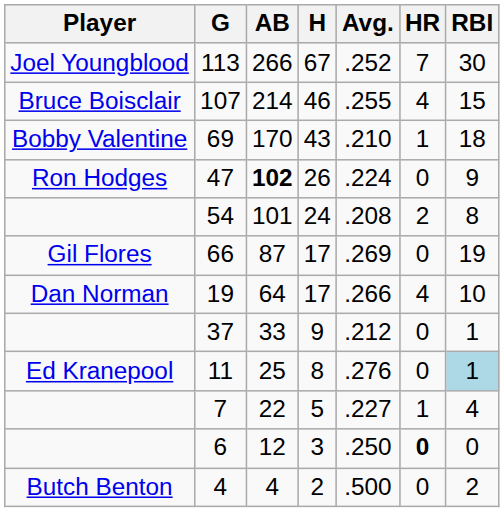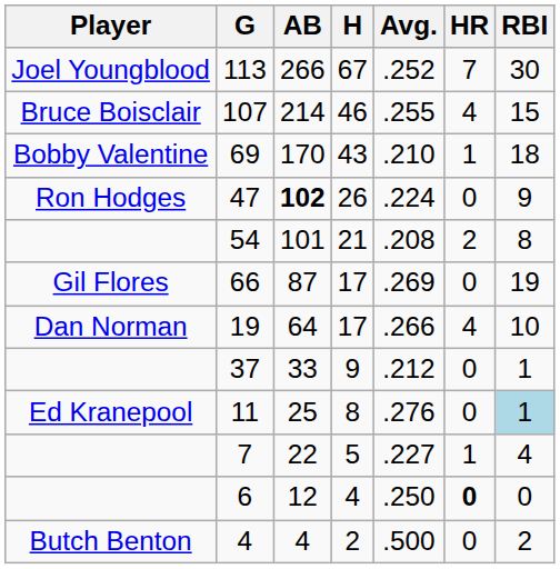 <table class="wikitable sortable">
 <tr>
 <th>Player</th>
 <th>G</th>
 <th>AB</th>
 <th>H</th>
 <th>Avg.</th>
 <th>HR</th>
 <th>RBI</th>
 </tr>
 <tr style="text-align:center;">
 <td><a href='#'>Joel Youngblood</a></td>
 <td>113</td>
 <td>266</td>
 <td>67</td>
 <td>.252</td>
 <td>7</td>
 <td>30</td>
 </tr>
 <tr align=center>
 <td><a href='#'>Bruce Boisclair</a></td>
 <td>107</td>
 <td>214</td>
 <td>46</td>
 <td>.255</td>
 <td>4</td>
 <td>15</td>
 </tr>
 <tr align=center>
 <td><a href='#'>Bobby Valentine</a></td>
 <td>69</td>
 <td>170</td>
 <td>43</td>
 <td>.210</td>
 <td>1</td>
 <td>18</td>
 </tr>
 <tr align=center>
 <td><a href='#'>Ron Hodges</a></td>
 <td>47</td>
 <td><strong>102</strong></td>
 <td>26</td>
 <td>.224</td>
 <td>0</td>
 <td>9</td>
 </tr>
 <tr align=center>
 <td></td>
 <td>54</td>
 <td>101</td>
-<td>24</td>
+<td>21</td>
 <td>.208</td>
 <td>2</td>
 <td>8</td>
 </tr>
 <tr style="text-align:center;">
 <td><a href='#'>Gil Flores</a></td>
 <td>66</td>
 <td>87</td>
 <td>17</td>
 <td>.269</td>
 <td>0</td>
 <td>19</td>
 </tr>
 <tr align=center>
 <td><a href='#'>Dan Norman</a></td>
 <td>19</td>
 <td>64</td>
 <td>17</td>
 <td>.266</td>
 <td>4</td>
 <td>10</td>
 </tr>
 <tr align=center>
 <td></td>
 <td>37</td>
 <td>33</td>
 <td>9</td>
 <td>.212</td>
 <td>0</td>
 <td>1</td>
 </tr>
 <tr style="text-align:center;">
 <td><a href='#'>Ed Kranepool</a></td>
 <td>11</td>
 <td>25</td>
 <td>8</td>
 <td>.276</td>
 <td>0</td>
 <td style="background: lightblue;">1</td>
 </tr>
 <tr align=center>
 <td></td>
 <td>7</td>
 <td>22</td>
 <td>5</td>
 <td>.227</td>
 <td>1</td>
 <td>4</td>
 </tr>
 <tr style="text-align:center;">
 <td></td>
 <td>6</td>
 <td>12</td>
-<td>3</td>
+<td>4</td>
 <td>.250</td>
 <td><strong>0</strong></td>
 <td>0</td>
 </tr>
 <tr align=center>
 <td><a href='#'>Butch Benton</a></td>
 <td>4</td>
 <td>4</td>
 <td>2</td>
 <td>.500</td>
 <td>0</td>
 <td>2</td>
 </tr>
 </table>
